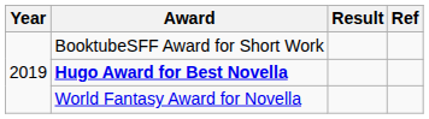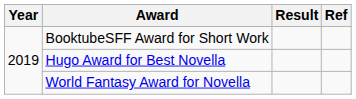 <table class="wikitable sortable mw-collapsible">
 <tr>
 <th>Year</th>
 <th>Award</th>
 <th>Result</th>
 <th>Ref</th>
 </tr>
 <tr>
 <td rowspan="3">2019</td>
 <td>BooktubeSFF Award for Short Work</td>
 <td></td>
 <td></td>
 </tr>
 <tr>
-<td><strong><a href='#'>Hugo Award for Best Novella</a></strong></td>
+<td><a href='#'>Hugo Award for Best Novella</a></td>
 <td></td>
 <td></td>
 </tr>
 <tr>
 <td><a href='#'>World Fantasy Award for Novella</a></td>
 <td></td>
 <td></td>
 </tr>
 </table>
